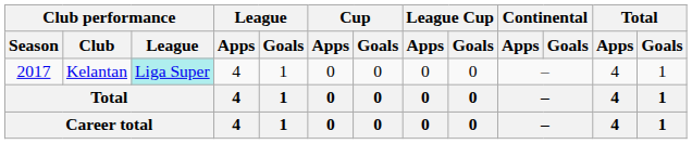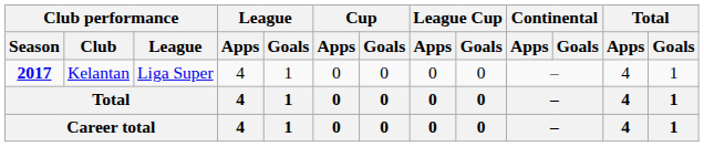 <table class="wikitable" style="text-align:center">
 <tr>
 <th colspan=3>Club performance</th>
 <th colspan=2>League</th>
 <th colspan=2>Cup</th>
 <th colspan=2>League Cup</th>
 <th colspan=2>Continental</th>
 <th colspan=2>Total</th>
 </tr>
 <tr>
 <th>Season</th>
 <th>Club</th>
 <th>League</th>
 <th>Apps</th>
 <th>Goals</th>
 <th>Apps</th>
 <th>Goals</th>
 <th>Apps</th>
 <th>Goals</th>
 <th>Apps</th>
 <th>Goals</th>
 <th>Apps</th>
 <th>Goals</th>
 </tr>
 <tr>
-<td><a href='#'>2017</a></td>
+<td><strong><a href='#'>2017</a></strong></td>
 <td rowspan="1"><a href='#'>Kelantan</a></td>
-<td rowspan="1" style="background: paleturquoise;"><a href='#'>Liga Super</a></td>
+<td rowspan="1"><a href='#'>Liga Super</a></td>
 <td>4</td>
 <td>1</td>
 <td>0</td>
 <td>0</td>
 <td>0</td>
 <td>0</td>
 <td colspan="2">–</td>
 <td>4</td>
 <td>1</td>
 </tr>
 <tr>
 <th colspan=3>Total</th>
 <th>4</th>
 <th>1</th>
 <th>0</th>
 <th>0</th>
 <th>0</th>
 <th>0</th>
 <th colspan="2">–</th>
 <th>4</th>
 <th>1</th>
 </tr>
 <tr>
 <th colspan=3>Career total</th>
 <th>4</th>
 <th>1</th>
 <th>0</th>
 <th>0</th>
 <th>0</th>
 <th>0</th>
 <th colspan="2">–</th>
 <th>4</th>
 <th>1</th>
 </tr>
 </table>
